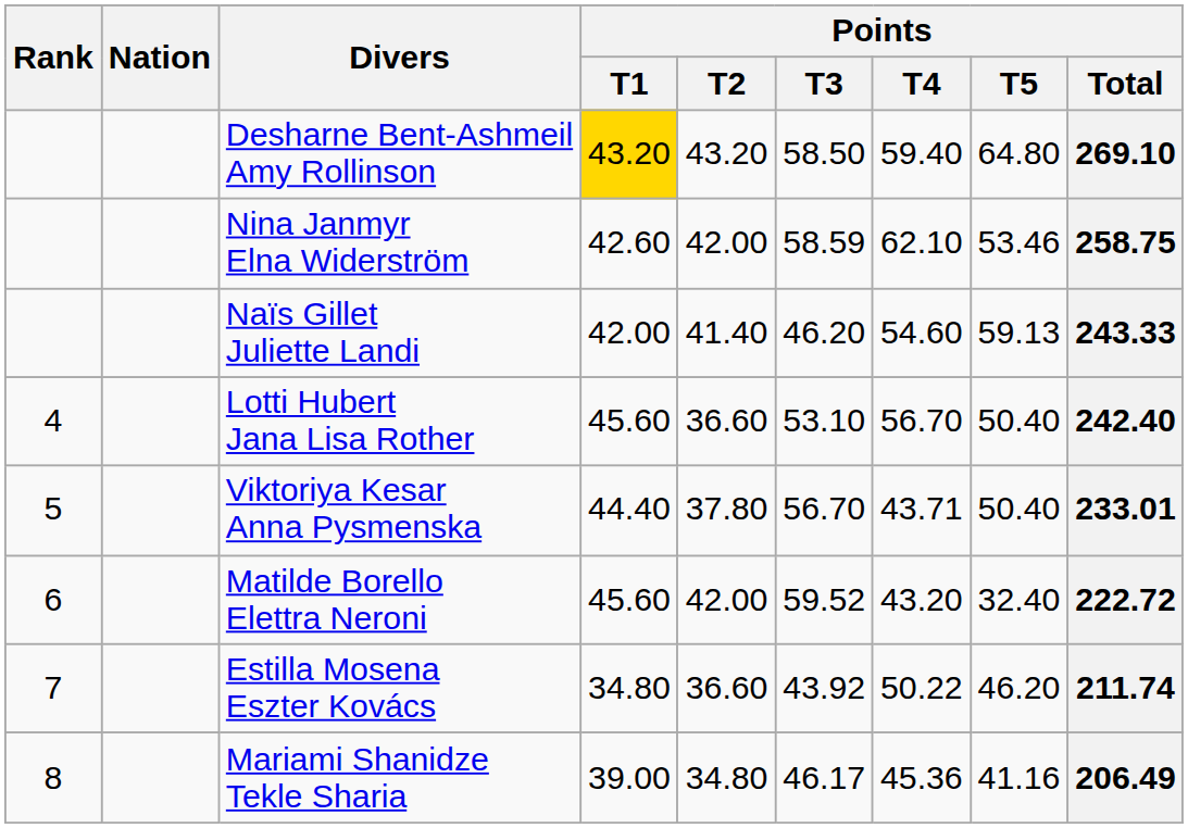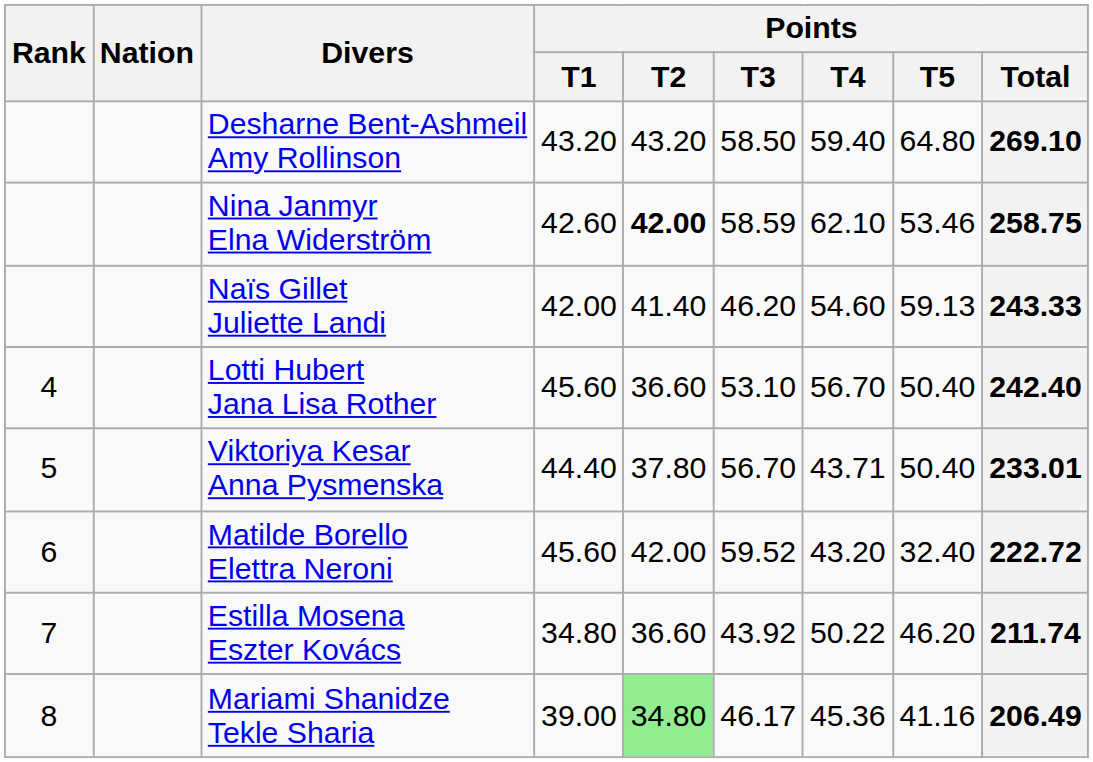 <table class="wikitable" style="text-align:center">
 <tr>
 <th rowspan=2>Rank</th>
 <th rowspan=2>Nation</th>
 <th rowspan=2>Divers</th>
 <th colspan=6>Points</th>
 </tr>
 <tr>
 <th>T1</th>
 <th>T2</th>
 <th>T3</th>
 <th>T4</th>
 <th>T5</th>
 <th>Total</th>
 </tr>
 <tr>
 <td></td>
 <td align=left></td>
 <td align=left><a href='#'>Desharne Bent-Ashmeil</a><br><a href='#'>Amy Rollinson</a></td>
-<td style="background: gold;">43.20</td>
+<td>43.20</td>
 <td>43.20</td>
 <td>58.50</td>
 <td>59.40</td>
 <td>64.80</td>
 <th>269.10</th>
 </tr>
 <tr>
 <td></td>
 <td align=left></td>
 <td align=left><a href='#'>Nina Janmyr</a><br><a href='#'>Elna Widerström</a></td>
 <td>42.60</td>
-<td>42.00</td>
+<td><strong>42.00</strong></td>
 <td>58.59</td>
 <td>62.10</td>
 <td>53.46</td>
 <th>258.75</th>
 </tr>
 <tr>
 <td></td>
 <td align=left></td>
 <td align=left><a href='#'>Naïs Gillet</a><br><a href='#'>Juliette Landi</a></td>
 <td>42.00</td>
 <td>41.40</td>
 <td>46.20</td>
 <td>54.60</td>
 <td>59.13</td>
 <th>243.33</th>
 </tr>
 <tr>
 <td>4</td>
 <td align=left></td>
 <td align=left><a href='#'>Lotti Hubert</a><br><a href='#'>Jana Lisa Rother</a></td>
 <td>45.60</td>
 <td>36.60</td>
 <td>53.10</td>
 <td>56.70</td>
 <td>50.40</td>
 <th>242.40</th>
 </tr>
 <tr>
 <td>5</td>
 <td align=left></td>
 <td align=left><a href='#'>Viktoriya Kesar</a><br><a href='#'>Anna Pysmenska</a></td>
 <td>44.40</td>
 <td>37.80</td>
 <td>56.70</td>
 <td>43.71</td>
 <td>50.40</td>
 <th>233.01</th>
 </tr>
 <tr>
 <td>6</td>
 <td align=left></td>
 <td align=left><a href='#'>Matilde Borello</a><br><a href='#'>Elettra Neroni</a></td>
 <td>45.60</td>
 <td>42.00</td>
 <td>59.52</td>
 <td>43.20</td>
 <td>32.40</td>
 <th>222.72</th>
 </tr>
 <tr>
 <td>7</td>
 <td align=left></td>
 <td align=left><a href='#'>Estilla Mosena</a><br><a href='#'>Eszter Kovács</a></td>
 <td>34.80</td>
 <td>36.60</td>
 <td>43.92</td>
 <td>50.22</td>
 <td>46.20</td>
 <th>211.74</th>
 </tr>
 <tr>
 <td>8</td>
 <td align=left></td>
 <td align=left><a href='#'>Mariami Shanidze</a><br><a href='#'>Tekle Sharia</a></td>
 <td>39.00</td>
-<td>34.80</td>
+<td style="background: lightgreen;">34.80</td>
 <td>46.17</td>
 <td>45.36</td>
 <td>41.16</td>
 <th>206.49</th>
 </tr>
 </table>
